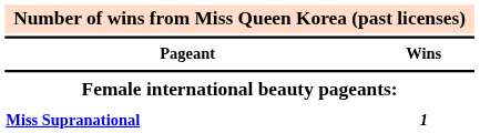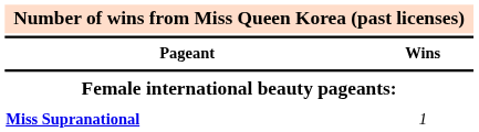 <table class="toccolours" style="width: 30em; float:right; margin-left:1em; font-size:80%; line-height:1.5em; width:30%;">
 <tr>
 <th colspan="2" align="center" style="background:#FFDDCA;"><big>Number of wins from Miss Queen Korea (past licenses)</big></th>
 </tr>
 <tr>
 <td colspan="2" style="background:black"></td>
 </tr>
 <tr>
 <th scope="col">Pageant</th>
 <th scope="col">Wins</th>
 </tr>
 <tr>
 <td colspan="2" style="background:black"></td>
 </tr>
 <tr>
 <th colspan="2" align="center"><big>Female international beauty pageants:</big></th>
 </tr>
 <tr>
 <td align="left"><strong><a href='#'>Miss Supranational</a></strong></td>
-<td align="center"><strong><em>1</em></strong></td>
+<td align="center"><em>1</em></td>
 </tr>
 <tr>
 </tr>
 </table>
